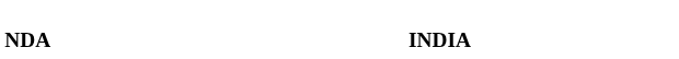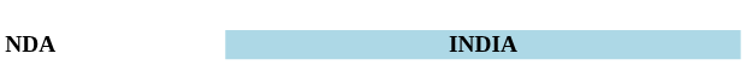 <table style="width:100%; text-align:center;">
 <tr style="color:white;">
 <td style="background:"><strong>11</strong></td>
 <td style="background:"><strong>3</strong></td>
 </tr>
 <tr>
 <td><span><strong>NDA</strong></span></td>
-<td><span><strong>INDIA</strong></span></td>
+<td style="background: lightblue;"><span><strong>INDIA</strong></span></td>
 </tr>
 </table>
